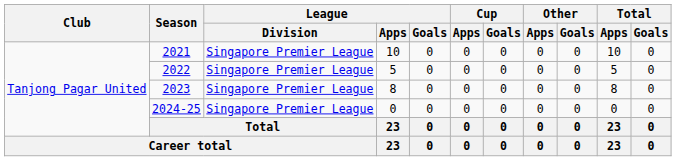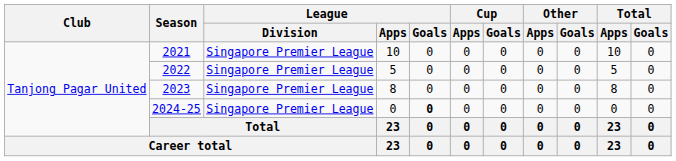 <table class="wikitable" style="text-align: center">
 <tr>
 <th rowspan="2">Club</th>
 <th rowspan="2">Season</th>
 <th colspan="3">League</th>
 <th colspan="2">Cup</th>
 <th colspan="2">Other</th>
 <th colspan="2">Total</th>
 </tr>
 <tr>
 <th>Division</th>
 <th>Apps</th>
 <th>Goals</th>
 <th>Apps</th>
 <th>Goals</th>
 <th>Apps</th>
 <th>Goals</th>
 <th>Apps</th>
 <th>Goals</th>
 </tr>
 <tr>
 <td rowspan="5"><a href='#'>Tanjong Pagar United</a></td>
 <td><a href='#'>2021</a></td>
 <td><a href='#'>Singapore Premier League</a></td>
 <td>10</td>
 <td>0</td>
 <td>0</td>
 <td>0</td>
 <td>0</td>
 <td>0</td>
 <td>10</td>
 <td>0</td>
 </tr>
 <tr>
 <td><a href='#'>2022</a></td>
 <td><a href='#'>Singapore Premier League</a></td>
 <td>5</td>
 <td>0</td>
 <td>0</td>
 <td>0</td>
 <td>0</td>
 <td>0</td>
 <td>5</td>
 <td>0</td>
 </tr>
 <tr>
 <td><a href='#'>2023</a></td>
 <td><a href='#'>Singapore Premier League</a></td>
 <td>8</td>
 <td>0</td>
 <td>0</td>
 <td>0</td>
 <td>0</td>
 <td>0</td>
 <td>8</td>
 <td>0</td>
 </tr>
 <tr>
 <td><a href='#'>2024-25</a></td>
 <td><a href='#'>Singapore Premier League</a></td>
 <td>0</td>
-<td>0</td>
+<td><strong>0</strong></td>
 <td>0</td>
 <td>0</td>
 <td>0</td>
 <td>0</td>
 <td>0</td>
 <td>0</td>
 </tr>
 <tr>
 <th colspan=2>Total</th>
 <th>23</th>
 <th>0</th>
 <th>0</th>
 <th>0</th>
 <th>0</th>
 <th>0</th>
 <th>23</th>
 <th>0</th>
 </tr>
 <tr>
 <th colspan=3>Career total</th>
 <th>23</th>
 <th>0</th>
 <th>0</th>
 <th>0</th>
 <th>0</th>
 <th>0</th>
 <th>23</th>
 <th>0</th>
 </tr>
 </table>
